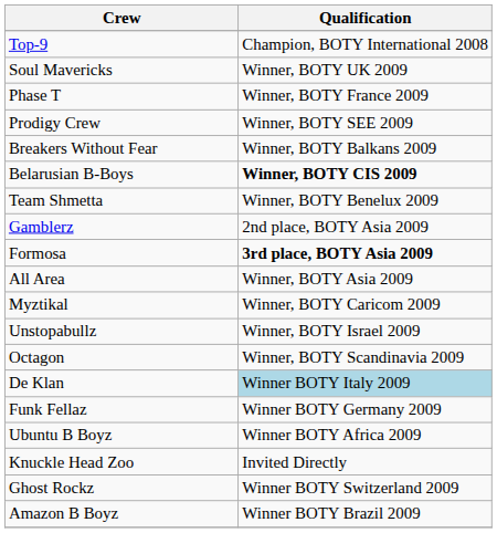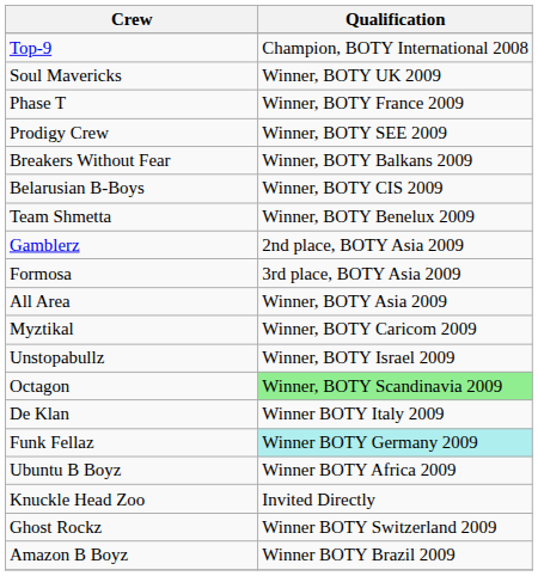 <table class="wikitable">
 <tr>
 <th width="220px">Crew</th>
 <th>Qualification</th>
 </tr>
 <tr>
 </tr>
 <tr>
 <td> <a href='#'>Top-9</a></td>
 <td>Champion, BOTY International 2008</td>
 </tr>
 <tr>
 <td> Soul Mavericks</td>
 <td>Winner, BOTY UK 2009</td>
 </tr>
 <tr>
 <td> Phase T</td>
 <td>Winner, BOTY France 2009</td>
 </tr>
 <tr>
 <td> Prodigy Crew</td>
 <td>Winner, BOTY SEE 2009</td>
 </tr>
 <tr>
 <td> Breakers Without Fear</td>
 <td>Winner, BOTY Balkans 2009</td>
 </tr>
 <tr>
 <td> Belarusian B-Boys</td>
-<td><strong>Winner, BOTY CIS 2009</strong></td>
+<td>Winner, BOTY CIS 2009</td>
 </tr>
 <tr>
 <td> Team Shmetta</td>
 <td>Winner, BOTY Benelux 2009</td>
 </tr>
 <tr>
 <td> <a href='#'>Gamblerz</a></td>
 <td>2nd place, BOTY Asia 2009</td>
 </tr>
 <tr>
 <td> Formosa</td>
-<td><strong>3rd place, BOTY Asia 2009</strong></td>
+<td>3rd place, BOTY Asia 2009</td>
 </tr>
 <tr>
 <td> All Area</td>
 <td>Winner, BOTY Asia 2009</td>
 </tr>
 <tr>
 <td> Myztikal</td>
 <td>Winner, BOTY Caricom 2009</td>
 </tr>
 <tr>
 <td> Unstopabullz</td>
 <td>Winner, BOTY Israel 2009</td>
 </tr>
 <tr>
 <td> Octagon</td>
-<td>Winner, BOTY Scandinavia 2009</td>
+<td style="background: lightgreen;">Winner, BOTY Scandinavia 2009</td>
 </tr>
 <tr>
 <td> De Klan</td>
-<td style="background: lightblue;">Winner BOTY Italy 2009</td>
+<td>Winner BOTY Italy 2009</td>
 </tr>
 <tr>
 <td> Funk Fellaz</td>
-<td>Winner BOTY Germany 2009</td>
+<td style="background: paleturquoise;">Winner BOTY Germany 2009</td>
 </tr>
 <tr>
 <td> Ubuntu B Boyz</td>
 <td>Winner BOTY Africa 2009</td>
 </tr>
 <tr>
 <td> Knuckle Head Zoo</td>
 <td>Invited Directly</td>
 </tr>
 <tr>
 <td> Ghost Rockz</td>
 <td>Winner BOTY Switzerland 2009</td>
 </tr>
 <tr>
 <td> Amazon B Boyz</td>
 <td>Winner BOTY Brazil 2009</td>
 </tr>
 <tr>
 </tr>
 </table>
